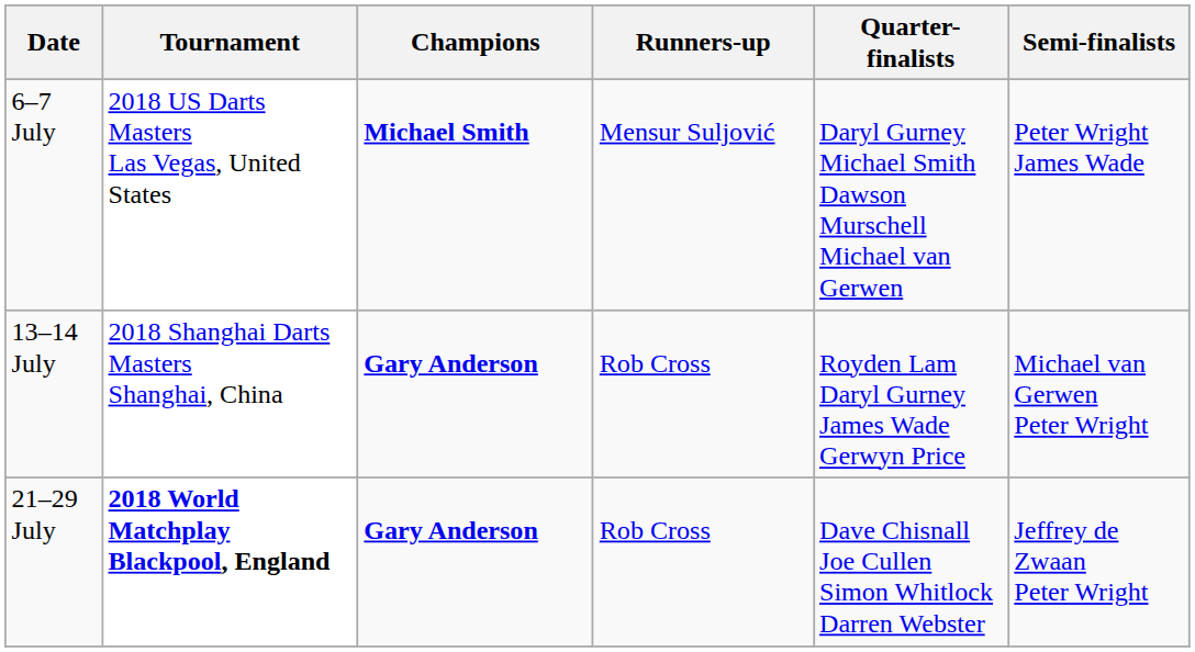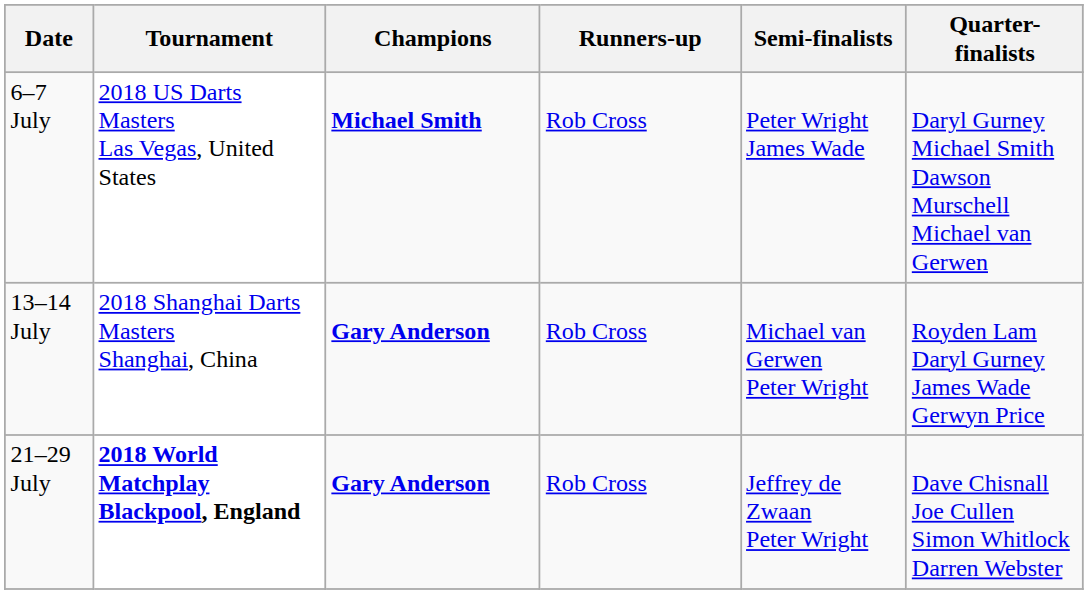 <table class=wikitable style=font-size:85%>
 <tr>
 <th width=75>Date</th>
 <th width=230>Tournament</th>
 <th width=210>Champions</th>
 <th width=210>Runners-up</th>
+<th width=170>Semi-finalists</th>
 <th width=170>Quarter-finalists</th>
-<th width=170>Semi-finalists</th>
 </tr>
 <tr valign="top">
 <td>6–7 July</td>
 <td bgcolor="#ffffff"><a href='#'>2018 US Darts Masters</a><br><a href='#'>Las Vegas</a>, United States</td>
 <td><br> <strong><a href='#'>Michael Smith</a></strong></td>
-<td><br> <a href='#'>Mensur Suljović</a></td>
+<td><br> <a href='#'>Rob Cross</a></td>
+<td><br> <a href='#'>Peter Wright</a> <br>  <a href='#'>James Wade</a></td>
 <td><br> <a href='#'>Daryl Gurney</a> <br>  <a href='#'>Michael Smith</a> <br>  <a href='#'>Dawson Murschell</a> <br>  <a href='#'>Michael van Gerwen</a></td>
-<td><br> <a href='#'>Peter Wright</a> <br>  <a href='#'>James Wade</a></td>
 </tr>
 <tr valign="top">
 <td>13–14 July</td>
 <td bgcolor="#ffffff"><a href='#'>2018 Shanghai Darts Masters</a><br><a href='#'>Shanghai</a>, China</td>
 <td><br> <strong><a href='#'>Gary Anderson</a></strong></td>
 <td><br> <a href='#'>Rob Cross</a></td>
+<td><br> <a href='#'>Michael van Gerwen</a>  <br>  <a href='#'>Peter Wright</a></td>
 <td><br> <a href='#'>Royden Lam</a> <br>  <a href='#'>Daryl Gurney</a> <br>  <a href='#'>James Wade</a> <br>  <a href='#'>Gerwyn Price</a></td>
-<td><br> <a href='#'>Michael van Gerwen</a>  <br>  <a href='#'>Peter Wright</a></td>
 </tr>
 <tr valign="top">
 <td>21–29 July</td>
 <td bgcolor="#ffffff"><strong><a href='#'>2018 World Matchplay</a><br><a href='#'>Blackpool</a>, England</strong></td>
 <td><br> <strong><a href='#'>Gary Anderson</a></strong></td>
 <td><br> <a href='#'>Rob Cross</a></td>
+<td><br> <a href='#'>Jeffrey de Zwaan</a> <br>  <a href='#'>Peter Wright</a></td>
 <td><br> <a href='#'>Dave Chisnall</a> <br>  <a href='#'>Joe Cullen</a> <br>  <a href='#'>Simon Whitlock</a> <br>  <a href='#'>Darren Webster</a></td>
-<td><br> <a href='#'>Jeffrey de Zwaan</a> <br>  <a href='#'>Peter Wright</a></td>
 </tr>
 </table>
